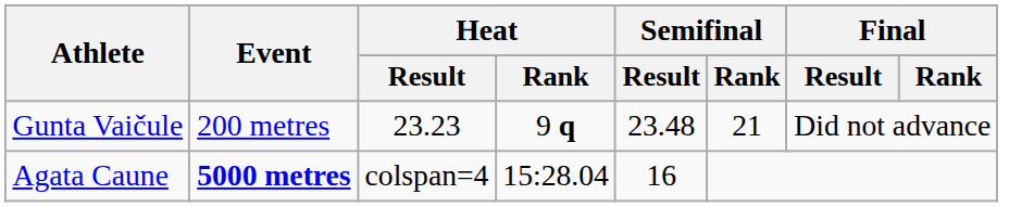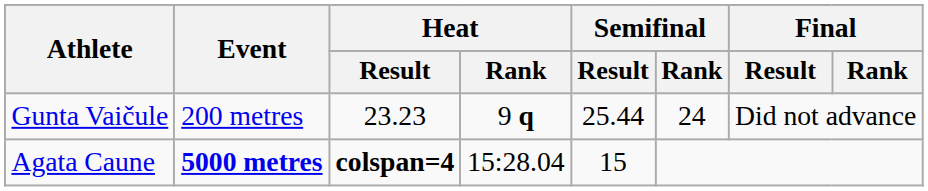 <table class=wikitable style=font-size:90%>
 <tr>
 <th rowspan=2>Athlete</th>
 <th rowspan=2>Event</th>
 <th colspan=2>Heat</th>
 <th colspan=2>Semifinal</th>
 <th colspan=2>Final</th>
 </tr>
 <tr style=font-size:95%>
 <th>Result</th>
 <th>Rank</th>
 <th>Result</th>
 <th>Rank</th>
 <th>Result</th>
 <th>Rank</th>
 </tr>
 <tr align=center>
 <td align=left><a href='#'>Gunta Vaičule</a></td>
 <td align=left><a href='#'>200 metres</a></td>
 <td>23.23 </td>
 <td>9 <strong>q</strong></td>
-<td>23.48</td>
-<td>21</td>
+<td>25.44</td>
+<td>24</td>
 <td colspan=2>Did not advance</td>
 </tr>
 <tr align=center>
 <td align=left><a href='#'>Agata Caune</a></td>
 <td align=left><strong><a href='#'>5000 metres</a></strong></td>
-<td>colspan=4</td>
+<td><strong>colspan=4</strong></td>
 <td>15:28.04</td>
-<td>16</td>
+<td>15</td>
 </tr>
 </table>
